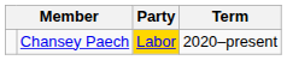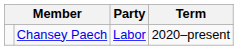 <table class="wikitable">
 <tr>
 <th colspan="2">Member</th>
 <th>Party</th>
 <th>Term</th>
 </tr>
 <tr>
 <td> </td>
 <td><a href='#'>Chansey Paech</a></td>
-<td style="background: gold;"><a href='#'>Labor</a></td>
+<td><a href='#'>Labor</a></td>
 <td>2020–present</td>
 </tr>
 </table>
